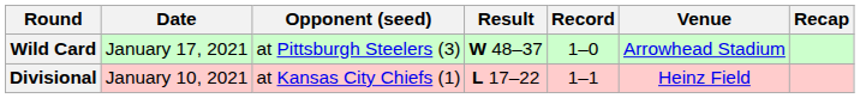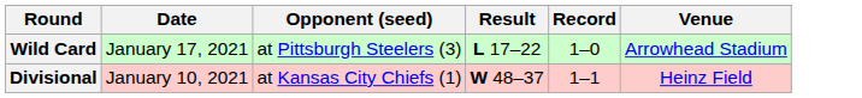 <table class="wikitable" style="text-align:center">
 <tr>
 <th>Round</th>
 <th>Date</th>
 <th>Opponent (seed)</th>
 <th>Result</th>
 <th>Record</th>
 <th>Venue</th>
-<th>Recap</th>
 </tr>
 <tr style="background:#cfc">
 <th>Wild Card</th>
 <td>January 17, 2021</td>
 <td>at <a href='#'>Pittsburgh Steelers</a> (3)</td>
-<td><strong>W</strong> 48–37</td>
+<td><strong>L</strong> 17–22</td>
 <td>1–0</td>
 <td><a href='#'>Arrowhead Stadium</a></td>
-<td></td>
 </tr>
 <tr style="background:#fcc">
 <th>Divisional</th>
 <td>January 10, 2021</td>
 <td>at <a href='#'>Kansas City Chiefs</a> (1)</td>
-<td><strong>L</strong> 17–22</td>
+<td><strong>W</strong> 48–37</td>
 <td>1–1</td>
 <td><a href='#'>Heinz Field</a></td>
-<td></td>
 </tr>
 </table>
